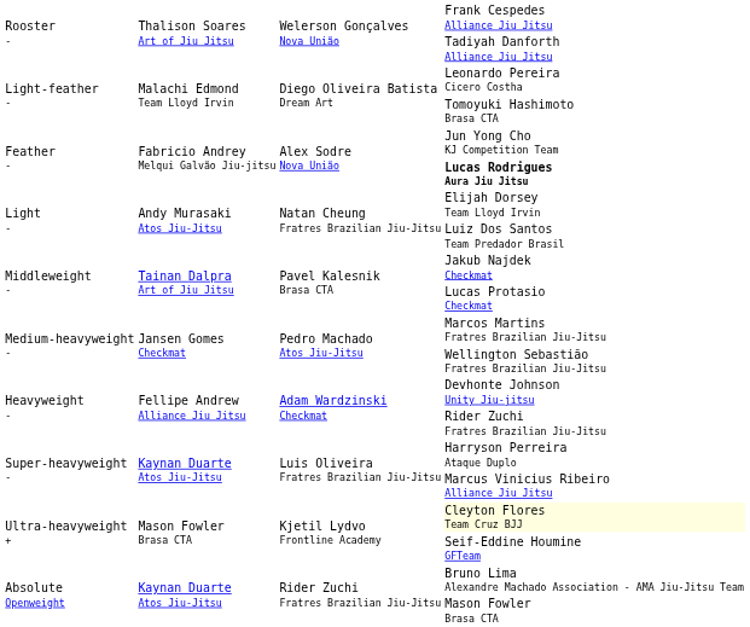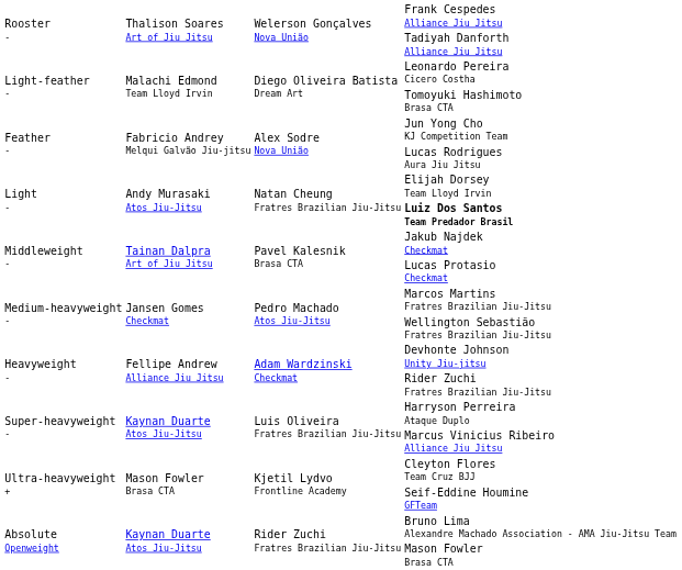 <table>
 <tr>
 <td rowspan=2>Rooster<br><small>-</small></td>
 <td rowspan=2> Thalison Soares<br><small><a href='#'>Art of Jiu Jitsu</a></small></td>
 <td rowspan=2> Welerson Gonçalves<br><small><a href='#'>Nova União</a></small></td>
 <td> Frank Cespedes <br><small><a href='#'>Alliance Jiu Jitsu</a></small></td>
 </tr>
 <tr>
 <td> Tadiyah Danforth <br><small><a href='#'>Alliance Jiu Jitsu</a></small></td>
 </tr>
 <tr>
 <td rowspan=2>Light-feather<br><small>-</small></td>
 <td rowspan=2> Malachi Edmond<br><small>Team Lloyd Irvin</small></td>
 <td rowspan=2> Diego Oliveira Batista<br><small>Dream Art</small></td>
 <td> Leonardo Pereira<br><small>Cicero Costha</small></td>
 </tr>
 <tr>
 <td> Tomoyuki Hashimoto<br><small>Brasa CTA</small></td>
 </tr>
 <tr>
 <td rowspan=2>Feather<br><small>-</small></td>
 <td rowspan=2> Fabricio Andrey<br><small>Melqui Galvão Jiu-jitsu</small></td>
 <td rowspan=2> Alex Sodre <br><small><a href='#'>Nova União</a></small></td>
 <td> Jun Yong Cho<br><small>KJ Competition Team</small></td>
 </tr>
 <tr>
-<td><strong> Lucas Rodrigues<br><small>Aura Jiu Jitsu</small></strong></td>
+<td> Lucas Rodrigues<br><small>Aura Jiu Jitsu</small></td>
 </tr>
 <tr>
 <td rowspan=2>Light<br><small>-</small></td>
 <td rowspan=2> Andy Murasaki<br><small><a href='#'>Atos Jiu-Jitsu</a></small></td>
 <td rowspan=2> Natan Cheung <br><small>Fratres Brazilian Jiu-Jitsu</small></td>
 <td> Elijah Dorsey<br><small>Team Lloyd Irvin</small></td>
 </tr>
 <tr>
-<td> Luiz Dos Santos<br><small>Team Predador Brasil</small></td>
+<td><strong> Luiz Dos Santos<br><small>Team Predador Brasil</small></strong></td>
 </tr>
 <tr>
 <td rowspan=2>Middleweight<br><small>-</small></td>
 <td rowspan=2> <a href='#'>Tainan Dalpra</a><br><small><a href='#'>Art of Jiu Jitsu</a></small></td>
 <td rowspan=2> Pavel Kalesnik <br><small>Brasa CTA</small></td>
 <td> Jakub Najdek<br><small><a href='#'>Checkmat</a></small></td>
 </tr>
 <tr>
 <td> Lucas Protasio<br><small><a href='#'>Checkmat</a></small></td>
 </tr>
 <tr>
 <td rowspan=2>Medium-heavyweight<br><small>-</small></td>
 <td rowspan=2> Jansen Gomes<br><small><a href='#'>Checkmat</a></small></td>
 <td rowspan=2> Pedro Machado <br><small><a href='#'>Atos Jiu-Jitsu</a></small></td>
 <td> Marcos Martins<br><small>Fratres Brazilian Jiu-Jitsu</small></td>
 </tr>
 <tr>
 <td> Wellington Sebastião<br><small>Fratres Brazilian Jiu-Jitsu</small></td>
 </tr>
 <tr>
 <td rowspan=2>Heavyweight<br><small>-</small></td>
 <td rowspan=2> Fellipe Andrew<br><small><a href='#'>Alliance Jiu Jitsu</a></small></td>
 <td rowspan=2> <a href='#'>Adam Wardzinski</a> <br><small><a href='#'>Checkmat</a></small></td>
 <td> Devhonte Johnson<br><small><a href='#'>Unity Jiu-jitsu</a></small></td>
 </tr>
 <tr>
 <td> Rider Zuchi<br><small>Fratres Brazilian Jiu-Jitsu</small></td>
 </tr>
 <tr>
 <td rowspan=2>Super-heavyweight<br><small>-</small></td>
 <td rowspan=2> <a href='#'>Kaynan Duarte</a><br><small><a href='#'>Atos Jiu-Jitsu</a></small></td>
 <td rowspan=2> Luis Oliveira <br><small>Fratres Brazilian Jiu-Jitsu</small></td>
 <td> Harryson Perreira<br><small>Ataque Duplo</small></td>
 </tr>
 <tr>
 <td> Marcus Vinicius Ribeiro<br><small><a href='#'>Alliance Jiu Jitsu</a></small></td>
 </tr>
 <tr>
 <td rowspan=2>Ultra-heavyweight<br><small>+</small></td>
 <td rowspan=2> Mason Fowler<br><small>Brasa CTA</small></td>
 <td rowspan=2> Kjetil Lydvo<br><small>Frontline Academy</small></td>
-<td style="background: lightyellow;"> Cleyton Flores<br><small>Team Cruz BJJ</small></td>
+<td> Cleyton Flores<br><small>Team Cruz BJJ</small></td>
 </tr>
 <tr>
 <td> Seif-Eddine Houmine<br><small><a href='#'>GFTeam</a></small></td>
 </tr>
 <tr>
 <td rowspan=2>Absolute<br><small><a href='#'>Openweight</a></small></td>
 <td rowspan=2> <a href='#'>Kaynan Duarte</a><br><small><a href='#'>Atos Jiu-Jitsu</a></small></td>
 <td rowspan=2> Rider Zuchi<br><small>Fratres Brazilian Jiu-Jitsu</small></td>
 <td> Bruno Lima<br><small>Alexandre Machado Association - AMA Jiu-Jitsu Team</small></td>
 </tr>
 <tr>
 <td> Mason Fowler<br><small>Brasa CTA</small></td>
 </tr>
 <tr>
 </tr>
 </table>
